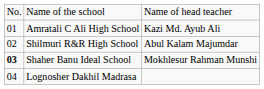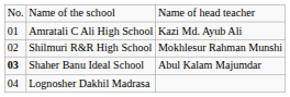 <table class="wikitable">
 <tr>
 <td>No.</td>
 <td>Name of the school</td>
 <td>Name of head teacher</td>
 </tr>
 <tr>
 <td>01</td>
 <td>Amratali C Ali High School</td>
 <td>Kazi Md. Ayub Ali</td>
 </tr>
 <tr>
 <td>02</td>
 <td>Shilmuri R&R High School</td>
-<td>Abul Kalam Majumdar</td>
+<td>Mokhlesur Rahman Munshi</td>
 </tr>
 <tr>
 <td><strong>03</strong></td>
 <td>Shaher Banu Ideal School</td>
-<td>Mokhlesur Rahman Munshi</td>
+<td>Abul Kalam Majumdar</td>
 </tr>
 <tr>
 <td>04</td>
 <td>Lognosher Dakhil Madrasa</td>
 </tr>
 </table>
